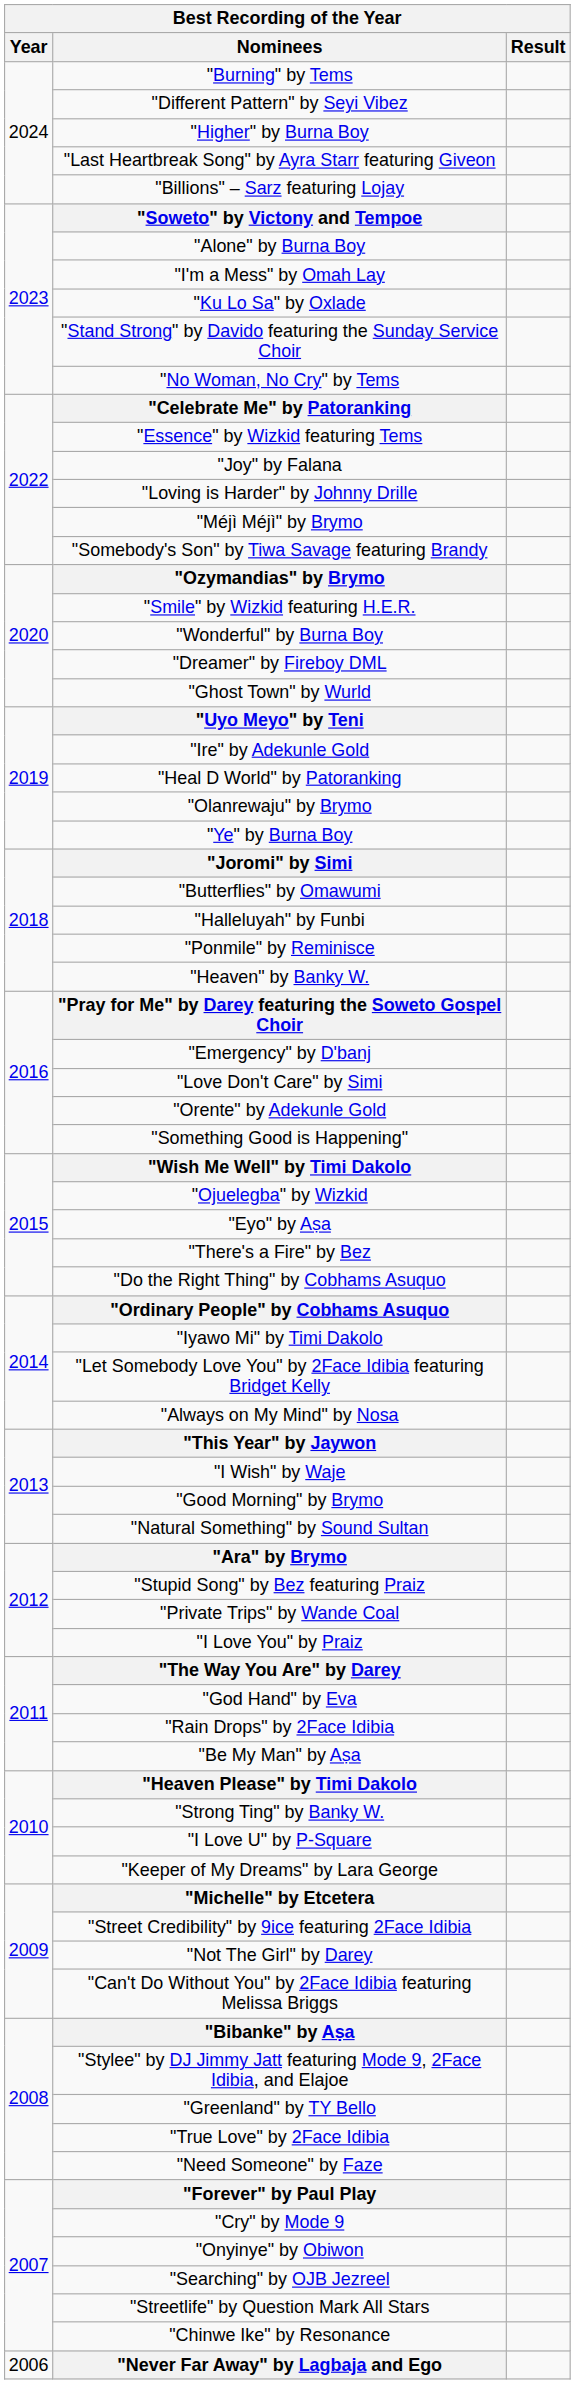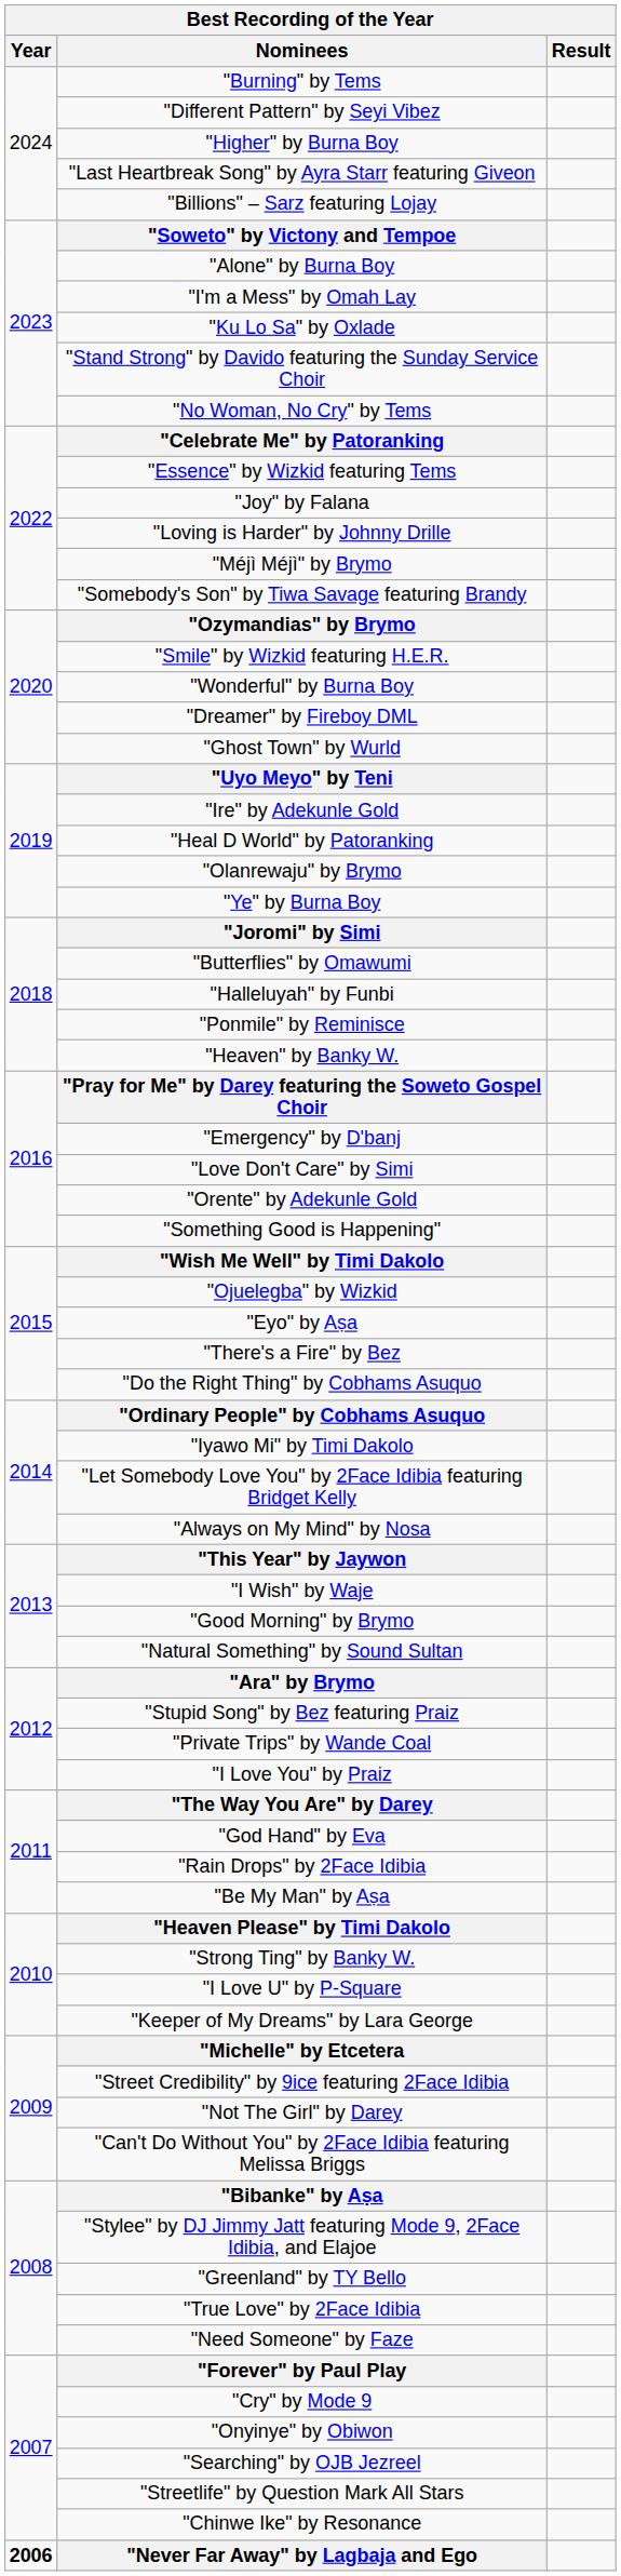 <table class="wikitable" style="text-align:center; width:40%;">
 <tr>
 <th colspan="4">Best Recording of the Year</th>
 </tr>
 <tr>
 <th>Year</th>
 <th>Nominees</th>
 <th>Result</th>
 </tr>
 <tr>
 <td rowspan="5">2024</td>
 <td>"<a href='#'>Burning</a>" by <a href='#'>Tems</a></td>
 <td></td>
 </tr>
 <tr>
 <td>"Different Pattern" by <a href='#'>Seyi Vibez</a></td>
 <td></td>
 </tr>
 <tr>
 <td>"<a href='#'>Higher</a>" by <a href='#'>Burna Boy</a></td>
 <td></td>
 </tr>
 <tr>
 <td>"Last Heartbreak Song" by <a href='#'>Ayra Starr</a> featuring <a href='#'>Giveon</a></td>
 <td></td>
 </tr>
 <tr>
 <td>"Billions" – <a href='#'>Sarz</a> featuring <a href='#'>Lojay</a></td>
 <td></td>
 </tr>
 <tr>
 <td rowspan="6"><a href='#'>2023</a></td>
 <th>"<a href='#'>Soweto</a>" by <a href='#'>Victony</a> and <a href='#'>Tempoe</a></th>
 <td></td>
 </tr>
 <tr>
 <td>"Alone" by <a href='#'>Burna Boy</a></td>
 <td></td>
 </tr>
 <tr>
 <td>"I'm a Mess" by <a href='#'>Omah Lay</a></td>
 <td></td>
 </tr>
 <tr>
 <td>"<a href='#'>Ku Lo Sa</a>" by <a href='#'>Oxlade</a></td>
 <td></td>
 </tr>
 <tr>
 <td>"<a href='#'>Stand Strong</a>" by <a href='#'>Davido</a> featuring the <a href='#'>Sunday Service Choir</a></td>
 <td></td>
 </tr>
 <tr>
 <td>"<a href='#'>No Woman, No Cry</a>" by <a href='#'>Tems</a></td>
 <td></td>
 </tr>
 <tr>
 <td rowspan="6"><a href='#'>2022</a></td>
 <th>"Celebrate Me" by <a href='#'>Patoranking</a></th>
 <td></td>
 </tr>
 <tr>
 <td>"<a href='#'>Essence</a>" by <a href='#'>Wizkid</a> featuring <a href='#'>Tems</a></td>
 <td></td>
 </tr>
 <tr>
 <td>"Joy" by Falana</td>
 <td></td>
 </tr>
 <tr>
 <td>"Loving is Harder" by <a href='#'>Johnny Drille</a></td>
 <td></td>
 </tr>
 <tr>
 <td>"Méjì Méjì" by <a href='#'>Brymo</a></td>
 <td></td>
 </tr>
 <tr>
 <td>"Somebody's Son" by <a href='#'>Tiwa Savage</a> featuring <a href='#'>Brandy</a></td>
 <td></td>
 </tr>
 <tr>
 <td rowspan="5"><a href='#'>2020</a></td>
 <th>"Ozymandias" by <a href='#'>Brymo</a></th>
 <td></td>
 </tr>
 <tr>
 <td>"<a href='#'>Smile</a>" by <a href='#'>Wizkid</a> featuring <a href='#'>H.E.R.</a></td>
 <td></td>
 </tr>
 <tr>
 <td>"Wonderful" by <a href='#'>Burna Boy</a></td>
 <td></td>
 </tr>
 <tr>
 <td>"Dreamer" by <a href='#'>Fireboy DML</a></td>
 <td></td>
 </tr>
 <tr>
 <td>"Ghost Town" by <a href='#'>Wurld</a></td>
 <td></td>
 </tr>
 <tr>
 <td rowspan="5"><a href='#'>2019</a></td>
 <th>"<a href='#'>Uyo Meyo</a>" by <a href='#'>Teni</a></th>
 <td></td>
 </tr>
 <tr>
 <td>"Ire" by <a href='#'>Adekunle Gold</a></td>
 <td></td>
 </tr>
 <tr>
 <td>"Heal D World" by <a href='#'>Patoranking</a></td>
 <td></td>
 </tr>
 <tr>
 <td>"Olanrewaju" by <a href='#'>Brymo</a></td>
 <td></td>
 </tr>
 <tr>
 <td>"<a href='#'>Ye</a>" by <a href='#'>Burna Boy</a></td>
 <td></td>
 </tr>
 <tr>
 <td rowspan="5"><a href='#'>2018</a></td>
 <th>"Joromi" by <a href='#'>Simi</a></th>
 <td></td>
 </tr>
 <tr>
 <td>"Butterflies" by <a href='#'>Omawumi</a></td>
 <td></td>
 </tr>
 <tr>
 <td>"Halleluyah" by Funbi</td>
 <td></td>
 </tr>
 <tr>
 <td>"Ponmile" by <a href='#'>Reminisce</a></td>
 <td></td>
 </tr>
 <tr>
 <td>"Heaven" by <a href='#'>Banky W.</a></td>
 <td></td>
 </tr>
 <tr>
 <td rowspan="5"><a href='#'>2016</a></td>
 <th>"Pray for Me" by <a href='#'>Darey</a> featuring the <a href='#'>Soweto Gospel Choir</a></th>
 <td></td>
 </tr>
 <tr>
 <td>"Emergency" by <a href='#'>D'banj</a></td>
 <td></td>
 </tr>
 <tr>
 <td>"Love Don't Care" by <a href='#'>Simi</a></td>
 <td></td>
 </tr>
 <tr>
 <td>"Orente" by <a href='#'>Adekunle Gold</a></td>
 <td></td>
 </tr>
 <tr>
 <td>"Something Good is Happening"</td>
 <td></td>
 </tr>
 <tr>
 <td rowspan="5"><a href='#'>2015</a></td>
 <th>"Wish Me Well" by <a href='#'>Timi Dakolo</a></th>
 <td></td>
 </tr>
 <tr>
 <td>"<a href='#'>Ojuelegba</a>" by <a href='#'>Wizkid</a></td>
 <td></td>
 </tr>
 <tr>
 <td>"Eyo" by <a href='#'>Aṣa</a></td>
 <td></td>
 </tr>
 <tr>
 <td>"There's a Fire" by <a href='#'>Bez</a></td>
 <td></td>
 </tr>
 <tr>
 <td>"Do the Right Thing" by <a href='#'>Cobhams Asuquo</a></td>
 <td></td>
 </tr>
 <tr>
 <td rowspan="4"><a href='#'>2014</a></td>
 <th>"Ordinary People" by <a href='#'>Cobhams Asuquo</a></th>
 <td></td>
 </tr>
 <tr>
 <td>"Iyawo Mi" by <a href='#'>Timi Dakolo</a></td>
 <td></td>
 </tr>
 <tr>
 <td>"Let Somebody Love You" by <a href='#'>2Face Idibia</a> featuring <a href='#'>Bridget Kelly</a></td>
 <td></td>
 </tr>
 <tr>
 <td>"Always on My Mind" by <a href='#'>Nosa</a></td>
 <td></td>
 </tr>
 <tr>
 <td rowspan="4"><a href='#'>2013</a></td>
 <th>"This Year" by <a href='#'>Jaywon</a></th>
 <td></td>
 </tr>
 <tr>
 <td>"I Wish" by <a href='#'>Waje</a></td>
 <td></td>
 </tr>
 <tr>
 <td>"Good Morning" by <a href='#'>Brymo</a></td>
 <td></td>
 </tr>
 <tr>
 <td>"Natural Something" by <a href='#'>Sound Sultan</a></td>
 <td></td>
 </tr>
 <tr>
 <td rowspan="4"><a href='#'>2012</a></td>
 <th>"Ara" by <a href='#'>Brymo</a></th>
 <td></td>
 </tr>
 <tr>
 <td>"Stupid Song" by <a href='#'>Bez</a> featuring <a href='#'>Praiz</a></td>
 <td></td>
 </tr>
 <tr>
 <td>"Private Trips" by <a href='#'>Wande Coal</a></td>
 <td></td>
 </tr>
 <tr>
 <td>"I Love You" by <a href='#'>Praiz</a></td>
 <td></td>
 </tr>
 <tr>
 <td rowspan="4"><a href='#'>2011</a></td>
 <th>"The Way You Are" by <a href='#'>Darey</a></th>
 <td></td>
 </tr>
 <tr>
 <td>"God Hand" by <a href='#'>Eva</a></td>
 <td></td>
 </tr>
 <tr>
 <td>"Rain Drops" by <a href='#'>2Face Idibia</a></td>
 <td></td>
 </tr>
 <tr>
 <td>"Be My Man" by <a href='#'>Aṣa</a></td>
 <td></td>
 </tr>
 <tr>
 <td rowspan="4"><a href='#'>2010</a></td>
 <th>"Heaven Please" by <a href='#'>Timi Dakolo</a></th>
 <td></td>
 </tr>
 <tr>
 <td>"Strong Ting" by <a href='#'>Banky W.</a></td>
 <td></td>
 </tr>
 <tr>
 <td>"I Love U" by <a href='#'>P-Square</a></td>
 <td></td>
 </tr>
 <tr>
 <td>"Keeper of My Dreams" by Lara George</td>
 <td></td>
 </tr>
 <tr>
 <td rowspan="4"><a href='#'>2009</a></td>
 <th>"Michelle" by Etcetera</th>
 <td></td>
 </tr>
 <tr>
 <td>"Street Credibility" by <a href='#'>9ice</a> featuring <a href='#'>2Face Idibia</a></td>
 <td></td>
 </tr>
 <tr>
 <td>"Not The Girl" by <a href='#'>Darey</a></td>
 <td></td>
 </tr>
 <tr>
 <td>"Can't Do Without You" by <a href='#'>2Face Idibia</a> featuring Melissa Briggs</td>
 <td></td>
 </tr>
 <tr>
 <td rowspan="5"><a href='#'>2008</a></td>
 <th>"Bibanke" by <a href='#'>Aṣa</a></th>
 <td></td>
 </tr>
 <tr>
 <td>"Stylee" by <a href='#'>DJ Jimmy Jatt</a> featuring <a href='#'>Mode 9</a>, <a href='#'>2Face Idibia</a>, and Elajoe</td>
 <td></td>
 </tr>
 <tr>
 <td>"Greenland" by <a href='#'>TY Bello</a></td>
 <td></td>
 </tr>
 <tr>
 <td>"True Love" by <a href='#'>2Face Idibia</a></td>
 <td></td>
 </tr>
 <tr>
 <td>"Need Someone" by <a href='#'>Faze</a></td>
 <td></td>
 </tr>
 <tr>
 <td rowspan="6"><a href='#'>2007</a></td>
 <th>"Forever" by Paul Play</th>
 <td></td>
 </tr>
 <tr>
 <td>"Cry" by <a href='#'>Mode 9</a></td>
 <td></td>
 </tr>
 <tr>
 <td>"Onyinye" by <a href='#'>Obiwon</a></td>
 <td></td>
 </tr>
 <tr>
 <td>"Searching" by <a href='#'>OJB Jezreel</a></td>
 <td></td>
 </tr>
 <tr>
 <td>"Streetlife" by Question Mark All Stars</td>
 <td></td>
 </tr>
 <tr>
 <td>"Chinwe Ike" by Resonance</td>
 <td></td>
 </tr>
 <tr>
-<td>2006</td>
+<td><strong>2006</strong></td>
 <th>"Never Far Away" by <a href='#'>Lagbaja</a> and Ego</th>
 <td></td>
 </tr>
 </table>
